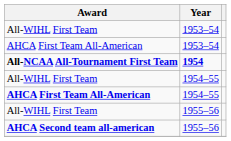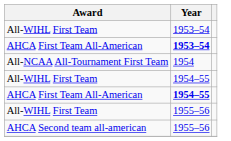 <table class="wikitable">
 <tr>
 <th>Award</th>
 <th>Year</th>
 <th></th>
 </tr>
 <tr>
 <td>All-<a href='#'>WIHL</a> <a href='#'>First Team</a></td>
 <td><a href='#'>1953–54</a></td>
 <td></td>
 </tr>
 <tr>
 <td><a href='#'>AHCA</a> <a href='#'>First Team All-American</a></td>
-<td><a href='#'>1953–54</a></td>
+<td><strong><a href='#'>1953–54</a></strong></td>
 <td></td>
 </tr>
 <tr>
-<td><strong>All-<a href='#'>NCAA</a> <a href='#'>All-Tournament First Team</a></strong></td>
-<td><strong><a href='#'>1954</a></strong></td>
+<td>All-<a href='#'>NCAA</a> <a href='#'>All-Tournament First Team</a></td>
+<td><a href='#'>1954</a></td>
 <td></td>
 </tr>
 <tr>
 <td>All-<a href='#'>WIHL</a> <a href='#'>First Team</a></td>
 <td><a href='#'>1954–55</a></td>
 <td></td>
 </tr>
 <tr>
-<td><strong><a href='#'>AHCA</a> <a href='#'>First Team All-American</a></strong></td>
-<td><a href='#'>1954–55</a></td>
+<td><a href='#'>AHCA</a> <a href='#'>First Team All-American</a></td>
+<td><strong><a href='#'>1954–55</a></strong></td>
 <td></td>
 </tr>
 <tr>
 <td>All-<a href='#'>WIHL</a> <a href='#'>First Team</a></td>
 <td><a href='#'>1955–56</a></td>
 <td></td>
 </tr>
 <tr>
-<td><strong><a href='#'>AHCA</a> <a href='#'>Second team all-american</a></strong></td>
+<td><a href='#'>AHCA</a> <a href='#'>Second team all-american</a></td>
 <td><a href='#'>1955–56</a></td>
 <td></td>
 </tr>
 <tr>
 </tr>
 </table>
